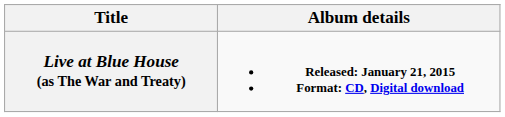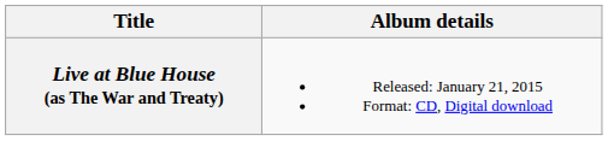 <table class="wikitable plainrowheaders" style="text-align:center;" border="1">
 <tr>
 <th scope="col" style="width:12em;">Title</th>
 <th scope="col" style="width:16em;">Album details</th>
 </tr>
 <tr>
 <th scope="row"><em>Live at Blue House</em> <br><small>(as The War and Treaty)</small></th>
-<td style="font-size:12px;"><strong><br><ul><li>Released: January 21, 2015</li><li>Format: <a href='#'>CD</a>, <a href='#'>Digital download</a></li></ul></strong></td>
+<td style="font-size:12px;"><br><ul><li>Released: January 21, 2015</li><li>Format: <a href='#'>CD</a>, <a href='#'>Digital download</a></li></ul></td>
 </tr>
 </table>
